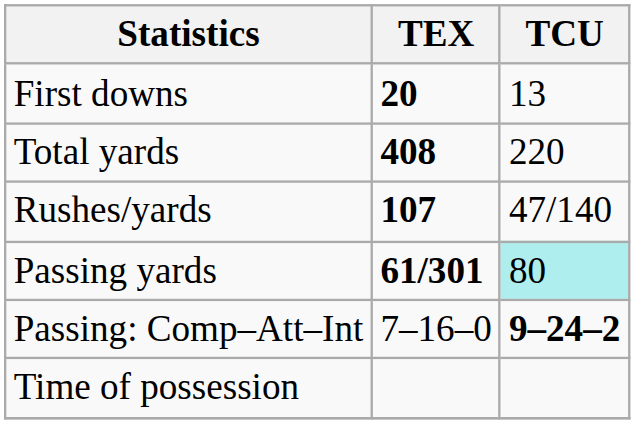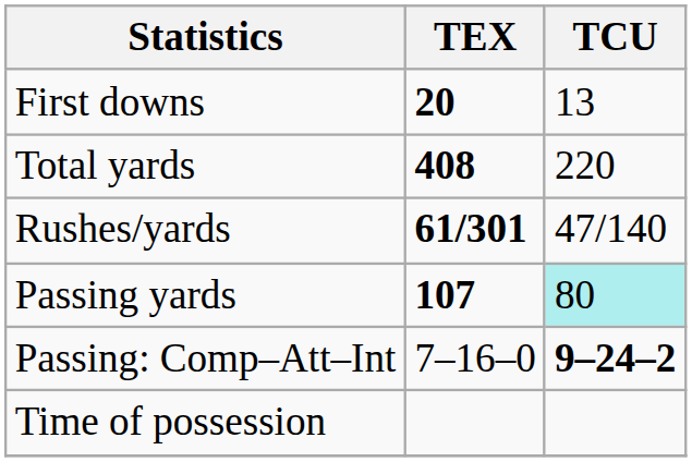 <table class="wikitable" style="float: left;">
 <tr>
 <th>Statistics</th>
 <th>TEX</th>
 <th>TCU</th>
 </tr>
 <tr>
 <td>First downs</td>
 <td><strong>20</strong></td>
 <td>13</td>
 </tr>
 <tr>
 <td>Total yards</td>
 <td><strong>408</strong></td>
 <td>220</td>
 </tr>
 <tr>
 <td>Rushes/yards</td>
-<td><strong>107</strong></td>
+<td><strong>61/301</strong></td>
 <td>47/140</td>
 </tr>
 <tr>
 <td>Passing yards</td>
-<td><strong>61/301</strong></td>
+<td><strong>107</strong></td>
 <td style="background: paleturquoise;">80</td>
 </tr>
 <tr>
 <td>Passing: Comp–Att–Int</td>
 <td>7–16–0</td>
 <td><strong>9–24–2</strong></td>
 </tr>
 <tr>
 <td>Time of possession</td>
 <td></td>
 <td></td>
 </tr>
 <tr>
 </tr>
 </table>
